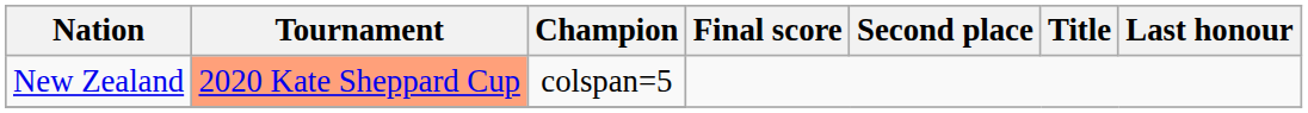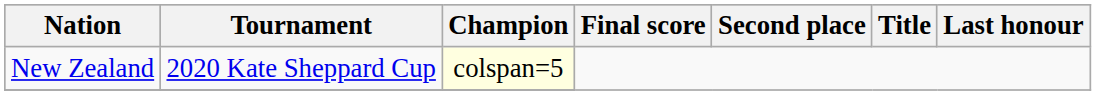 <table class="wikitable sortable" style="text-align:center;">
 <tr>
 <th>Nation</th>
 <th>Tournament</th>
 <th>Champion</th>
 <th>Final score</th>
 <th>Second place</th>
 <th data-sort-type="number">Title</th>
 <th>Last honour</th>
 </tr>
 <tr>
 <td align=left> <a href='#'>New Zealand</a></td>
-<td align=left style="background: lightsalmon;"><a href='#'>2020 Kate Sheppard Cup</a></td>
-<td>colspan=5 </td>
+<td align=left><a href='#'>2020 Kate Sheppard Cup</a></td>
+<td style="background: lightyellow;">colspan=5 </td>
 </tr>
 <tr>
 </tr>
 </table>
